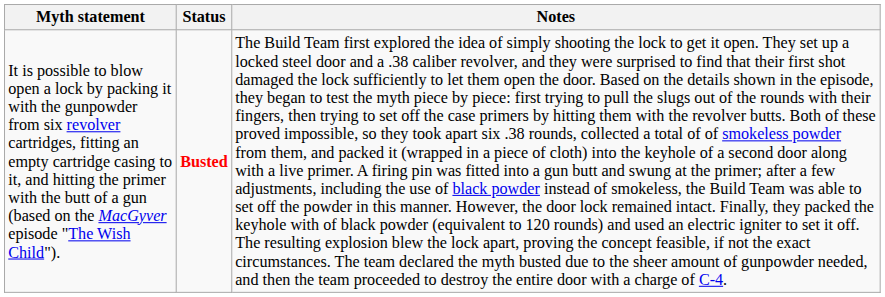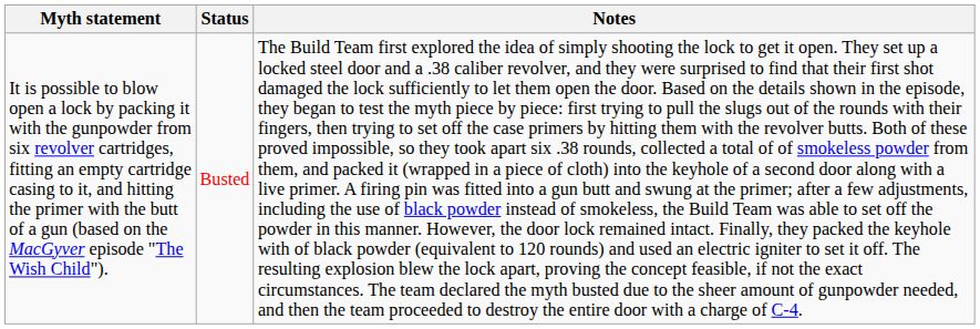 <table class="wikitable plainrowheaders">
 <tr>
 <th>Myth statement</th>
 <th>Status</th>
 <th>Notes</th>
 </tr>
 <tr>
 <td>It is possible to blow open a lock by packing it with the gunpowder from six <a href='#'>revolver</a> cartridges, fitting an empty cartridge casing to it, and hitting the primer with the butt of a gun (based on the <em><a href='#'>MacGyver</a></em> episode "<a href='#'>The Wish Child</a>").</td>
-<td style="color:red"><strong>Busted</strong></td>
+<td style="color:red">Busted</td>
 <td>The Build Team first explored the idea of simply shooting the lock to get it open. They set up a locked steel door and a .38 caliber revolver, and they were surprised to find that their first shot damaged the lock sufficiently to let them open the door. Based on the details shown in the episode, they began to test the myth piece by piece: first trying to pull the slugs out of the rounds with their fingers, then trying to set off the case primers by hitting them with the revolver butts. Both of these proved impossible, so they took apart six .38 rounds, collected a total of  of <a href='#'>smokeless powder</a> from them, and packed it (wrapped in a piece of cloth) into the keyhole of a second door along with a live primer. A firing pin was fitted into a gun butt and swung at the primer; after a few adjustments, including the use of <a href='#'>black powder</a> instead of smokeless, the Build Team was able to set off the powder in this manner. However, the door lock remained intact. Finally, they packed the keyhole with  of black powder (equivalent to 120 rounds) and used an electric igniter to set it off. The resulting explosion blew the lock apart, proving the concept feasible, if not the exact circumstances. The team declared the myth busted due to the sheer amount of gunpowder needed, and then the team proceeded to destroy the entire door with a charge of <a href='#'>C-4</a>.</td>
 </tr>
 </table>
